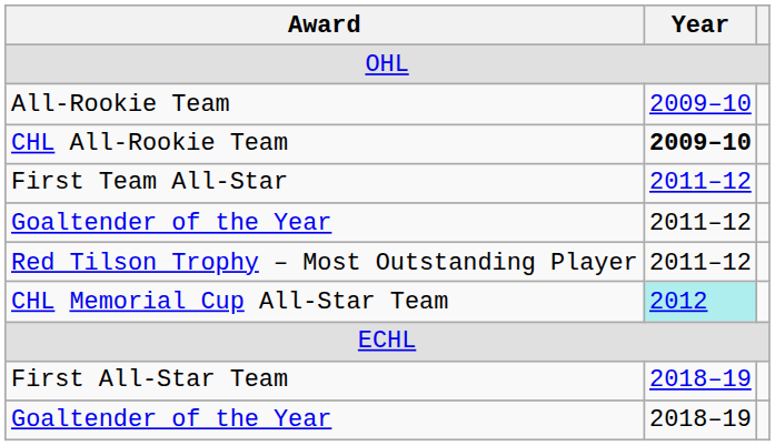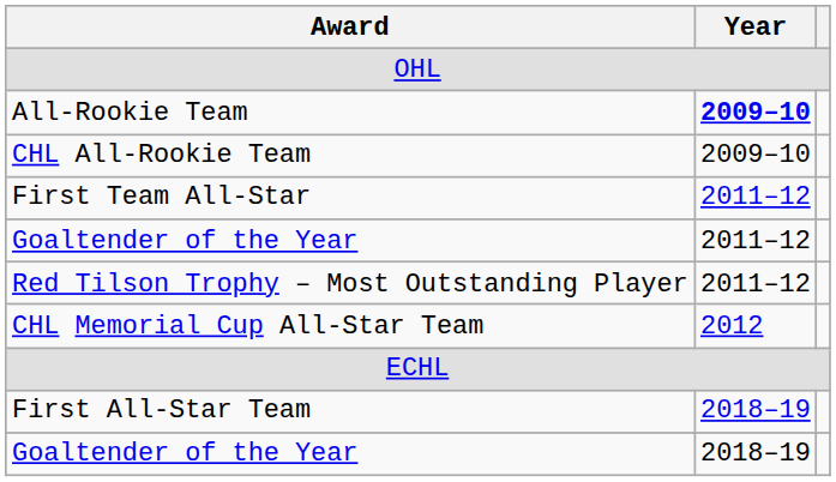 <table class="wikitable">
 <tr>
 <th>Award</th>
 <th>Year</th>
 <th></th>
 </tr>
 <tr ALIGN="center" bgcolor="#e0e0e0">
 <td colspan="3"><a href='#'>OHL</a></td>
 </tr>
 <tr>
 <td>All-Rookie Team</td>
-<td><a href='#'>2009–10</a></td>
+<td><strong><a href='#'>2009–10</a></strong></td>
 <td></td>
 </tr>
 <tr>
 <td><a href='#'>CHL</a> All-Rookie Team</td>
-<td><strong>2009–10</strong></td>
+<td>2009–10</td>
 <td></td>
 </tr>
 <tr>
 <td>First Team All-Star</td>
 <td><a href='#'>2011–12</a></td>
 <td></td>
 </tr>
 <tr>
 <td><a href='#'>Goaltender of the Year</a></td>
 <td>2011–12</td>
 <td></td>
 </tr>
 <tr>
 <td><a href='#'>Red Tilson Trophy</a> – Most Outstanding Player</td>
 <td>2011–12</td>
 <td></td>
 </tr>
 <tr>
 <td><a href='#'>CHL</a> <a href='#'>Memorial Cup</a> All-Star Team</td>
-<td style="background: paleturquoise;"><a href='#'>2012</a></td>
+<td><a href='#'>2012</a></td>
 <td></td>
 </tr>
 <tr ALIGN="center" bgcolor="#e0e0e0">
 <td colspan="3"><a href='#'>ECHL</a></td>
 </tr>
 <tr>
 <td>First All-Star Team</td>
 <td><a href='#'>2018–19</a></td>
 <td></td>
 </tr>
 <tr>
 <td><a href='#'>Goaltender of the Year</a></td>
 <td>2018–19</td>
 <td></td>
 </tr>
 </table>
